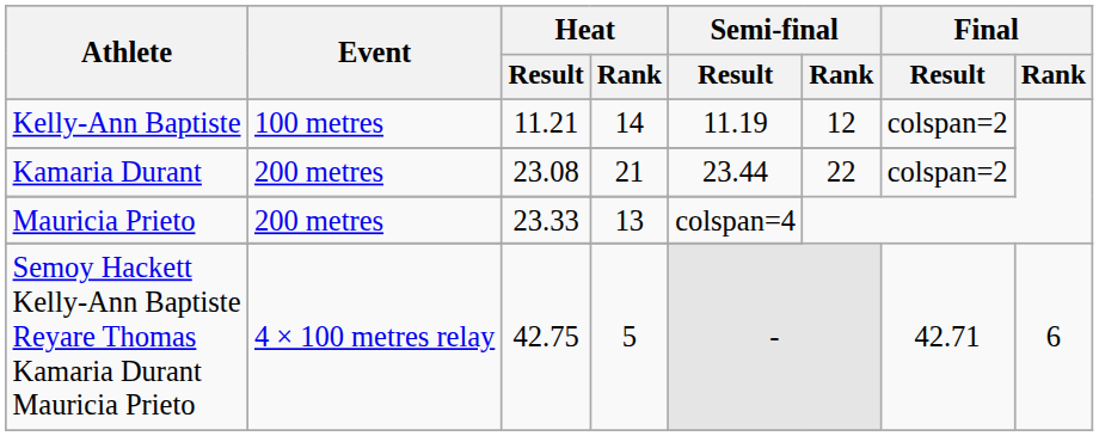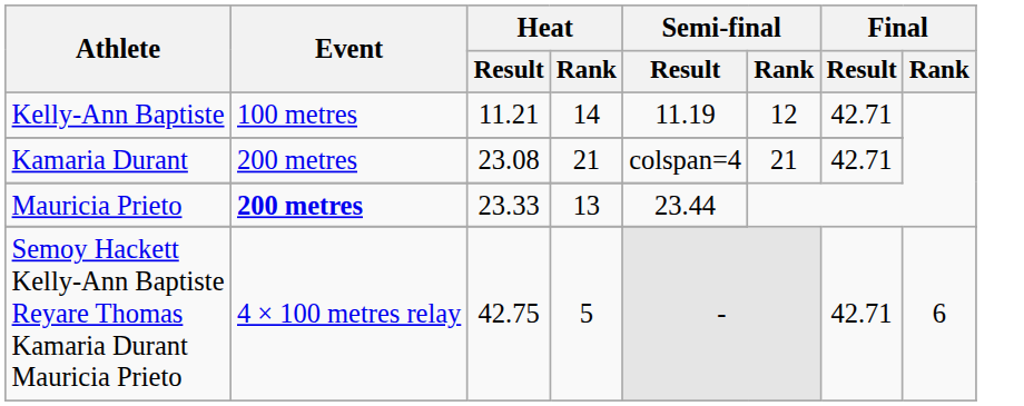 <table class="wikitable" style="font-size:90%">
 <tr>
 <th rowspan="2">Athlete</th>
 <th rowspan="2">Event</th>
 <th colspan="2">Heat</th>
 <th colspan="2">Semi-final</th>
 <th colspan="2">Final</th>
 </tr>
 <tr style="font-size:95%">
 <th>Result</th>
 <th>Rank</th>
 <th>Result</th>
 <th>Rank</th>
 <th>Result</th>
 <th>Rank</th>
 </tr>
 <tr style=text-align:center>
 <td style=text-align:left><a href='#'>Kelly-Ann Baptiste</a></td>
 <td style=text-align:left><a href='#'>100 metres</a></td>
 <td>11.21</td>
 <td>14</td>
 <td>11.19</td>
 <td>12</td>
-<td>colspan=2 </td>
+<td>42.71 </td>
 </tr>
 <tr>
 </tr>
 <tr style=text-align:center>
 <td style=text-align:left><a href='#'>Kamaria Durant</a></td>
 <td style=text-align:left><a href='#'>200 metres</a></td>
 <td>23.08</td>
 <td>21</td>
-<td>23.44</td>
-<td>22</td>
-<td>colspan=2 </td>
+<td>colspan=4 </td>
+<td>21</td>
+<td>42.71 </td>
 </tr>
 <tr>
 </tr>
 <tr style=text-align:center>
 <td style=text-align:left><a href='#'>Mauricia Prieto</a></td>
-<td style=text-align:left><a href='#'>200 metres</a></td>
+<td style=text-align:left><strong><a href='#'>200 metres</a></strong></td>
 <td>23.33</td>
 <td>13</td>
-<td>colspan=4 </td>
+<td>23.44</td>
 </tr>
 <tr>
 </tr>
 <tr style=text-align:center>
 <td style=text-align:left><a href='#'>Semoy Hackett</a><br>Kelly-Ann Baptiste<br><a href='#'>Reyare Thomas</a><br>Kamaria Durant<br>Mauricia Prieto</td>
 <td style=text-align:left><a href='#'>4 × 100 metres relay</a></td>
 <td>42.75 </td>
 <td>5</td>
 <td colspan=2 style="background-color:#e5e5e5">-</td>
 <td>42.71 </td>
 <td>6</td>
 </tr>
 </table>
